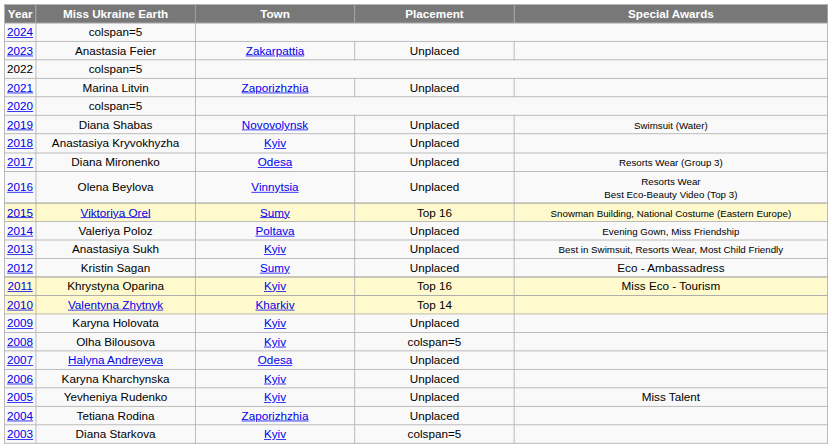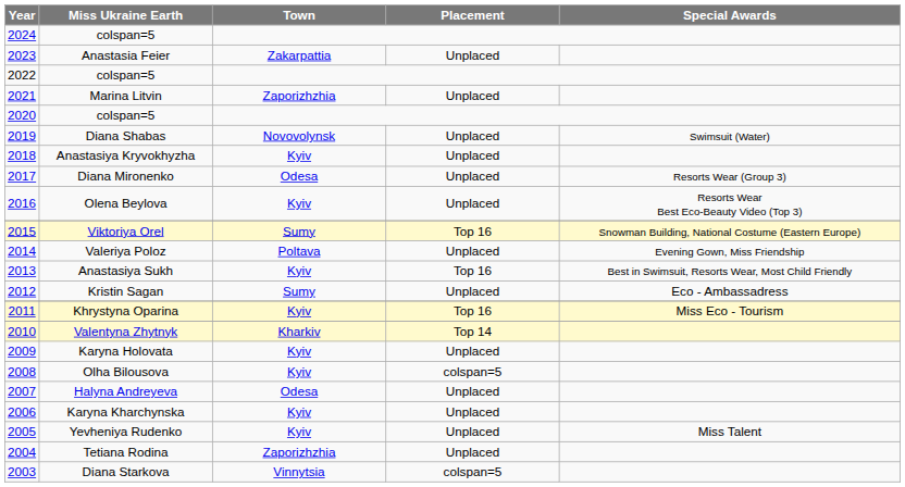 <table class="wikitable sortable" style="font-size: 95%; text-align:center">
 <tr>
 <th width="30" style="background-color:#787878;color:#FFFFFF;">Year</th>
 <th width="200" style="background-color:#787878;color:#FFFFFF;">Miss Ukraine Earth</th>
 <th width="200" style="background-color:#787878;color:#FFFFFF;">Town</th>
 <th width="200" style="background-color:#787878;color:#FFFFFF;">Placement</th>
 <th width="400" style="background-color:#787878;color:#FFFFFF;">Special Awards</th>
 </tr>
 <tr>
 <td><a href='#'>2024</a></td>
 <td>colspan=5 </td>
 </tr>
 <tr>
 <td><a href='#'>2023</a></td>
 <td>Anastasia Feier</td>
 <td><a href='#'>Zakarpattia</a></td>
 <td>Unplaced</td>
 <td></td>
 </tr>
 <tr>
 <td>2022</td>
 <td>colspan=5 </td>
 </tr>
 <tr>
 <td><a href='#'>2021</a></td>
 <td>Marina Litvin</td>
 <td><a href='#'>Zaporizhzhia</a></td>
 <td>Unplaced</td>
 <td></td>
 </tr>
 <tr>
 <td><a href='#'>2020</a></td>
 <td>colspan=5 </td>
 </tr>
 <tr>
 <td><a href='#'>2019</a></td>
 <td>Diana Shabas</td>
 <td><a href='#'>Novovolynsk</a></td>
 <td>Unplaced</td>
 <td><small> Swimsuit (Water)</small></td>
 </tr>
 <tr>
 <td><a href='#'>2018</a></td>
 <td>Anastasiya Kryvokhyzha</td>
 <td><a href='#'>Kyiv</a></td>
 <td>Unplaced</td>
 <td></td>
 </tr>
 <tr>
 <td><a href='#'>2017</a></td>
 <td>Diana Mironenko</td>
 <td><a href='#'>Odesa</a></td>
 <td>Unplaced</td>
 <td><small> Resorts Wear (Group 3)</small></td>
 </tr>
 <tr>
 <td><a href='#'>2016</a></td>
 <td>Olena Beylova</td>
-<td><a href='#'>Vinnytsia</a></td>
+<td><a href='#'>Kyiv</a></td>
 <td>Unplaced</td>
 <td><small> Resorts Wear<br>Best Eco-Beauty Video (Top 3)</small></td>
 </tr>
 <tr>
 </tr>
 <tr style="background:#FFFACD;">
 <td><a href='#'>2015</a></td>
 <td><a href='#'>Viktoriya Orel</a></td>
 <td><a href='#'>Sumy</a></td>
 <td>Top 16</td>
 <td><small> Snowman Building,  National Costume (Eastern Europe)</small></td>
 </tr>
 <tr>
 <td><a href='#'>2014</a></td>
 <td>Valeriya Poloz</td>
 <td><a href='#'>Poltava</a></td>
 <td>Unplaced</td>
 <td><small> Evening Gown,  Miss Friendship</small></td>
 </tr>
 <tr>
 <td><a href='#'>2013</a></td>
 <td>Anastasiya Sukh</td>
 <td><a href='#'>Kyiv</a></td>
-<td>Unplaced</td>
+<td>Top 16</td>
 <td><small> Best in Swimsuit,  Resorts Wear,  Most Child Friendly</small></td>
 </tr>
 <tr>
 <td><a href='#'>2012</a></td>
 <td>Kristin Sagan</td>
 <td><a href='#'>Sumy</a></td>
 <td>Unplaced</td>
 <td> Eco - Ambassadress</td>
 </tr>
 <tr>
 </tr>
 <tr style="background-color:#FFFACD;">
 <td><a href='#'>2011</a></td>
 <td>Khrystyna Oparina</td>
 <td><a href='#'>Kyiv</a></td>
 <td>Top 16</td>
 <td>Miss Eco - Tourism</td>
 </tr>
 <tr>
 </tr>
 <tr style="background-color:#FFFACD;">
 <td><a href='#'>2010</a></td>
 <td><a href='#'>Valentyna Zhytnyk</a></td>
 <td><a href='#'>Kharkiv</a></td>
 <td>Top 14</td>
 <td></td>
 </tr>
 <tr>
 <td><a href='#'>2009</a></td>
 <td>Karyna Holovata</td>
 <td><a href='#'>Kyiv</a></td>
 <td>Unplaced</td>
 <td></td>
 </tr>
 <tr>
 <td><a href='#'>2008</a></td>
 <td>Olha Bilousova</td>
 <td><a href='#'>Kyiv</a></td>
 <td>colspan=5 </td>
 </tr>
 <tr>
 <td><a href='#'>2007</a></td>
 <td><a href='#'>Halyna Andreyeva</a></td>
 <td><a href='#'>Odesa</a></td>
 <td>Unplaced</td>
 <td></td>
 </tr>
 <tr>
 <td><a href='#'>2006</a></td>
 <td>Karyna Kharchynska</td>
 <td><a href='#'>Kyiv</a></td>
 <td>Unplaced</td>
 <td></td>
 </tr>
 <tr>
 <td><a href='#'>2005</a></td>
 <td>Yevheniya Rudenko</td>
 <td><a href='#'>Kyiv</a></td>
 <td>Unplaced</td>
 <td>Miss Talent</td>
 </tr>
 <tr>
 <td><a href='#'>2004</a></td>
 <td>Tetiana Rodina</td>
 <td><a href='#'>Zaporizhzhia</a></td>
 <td>Unplaced</td>
 <td></td>
 </tr>
 <tr>
 <td><a href='#'>2003</a></td>
 <td>Diana Starkova</td>
-<td><a href='#'>Kyiv</a></td>
+<td><a href='#'>Vinnytsia</a></td>
 <td>colspan=5 </td>
 </tr>
 </table>
